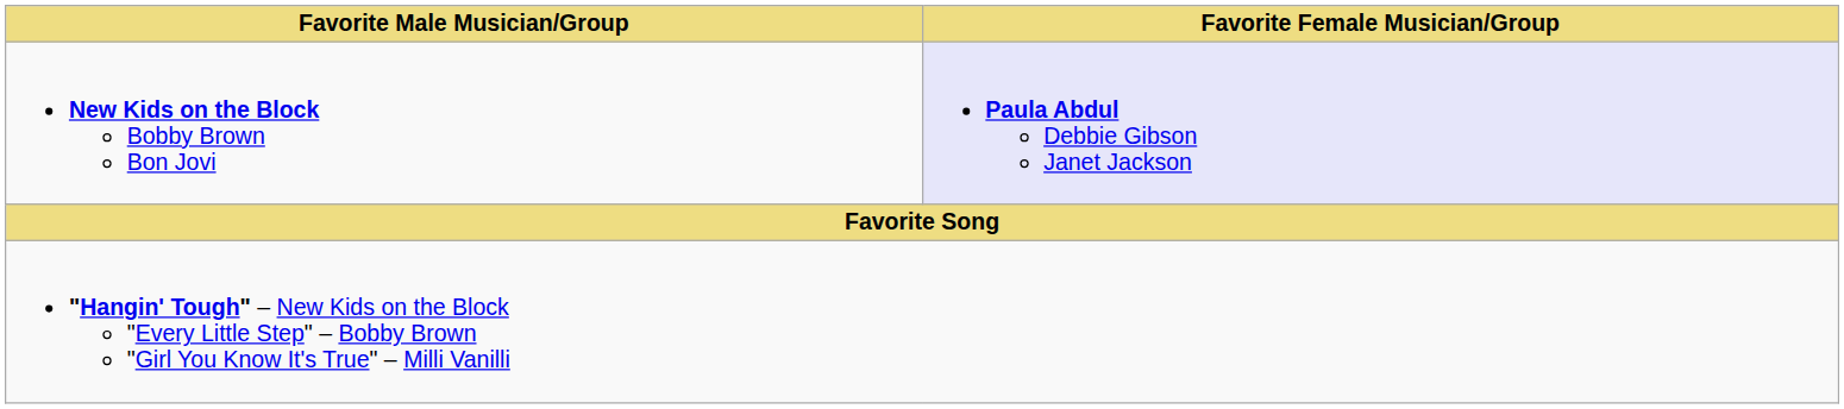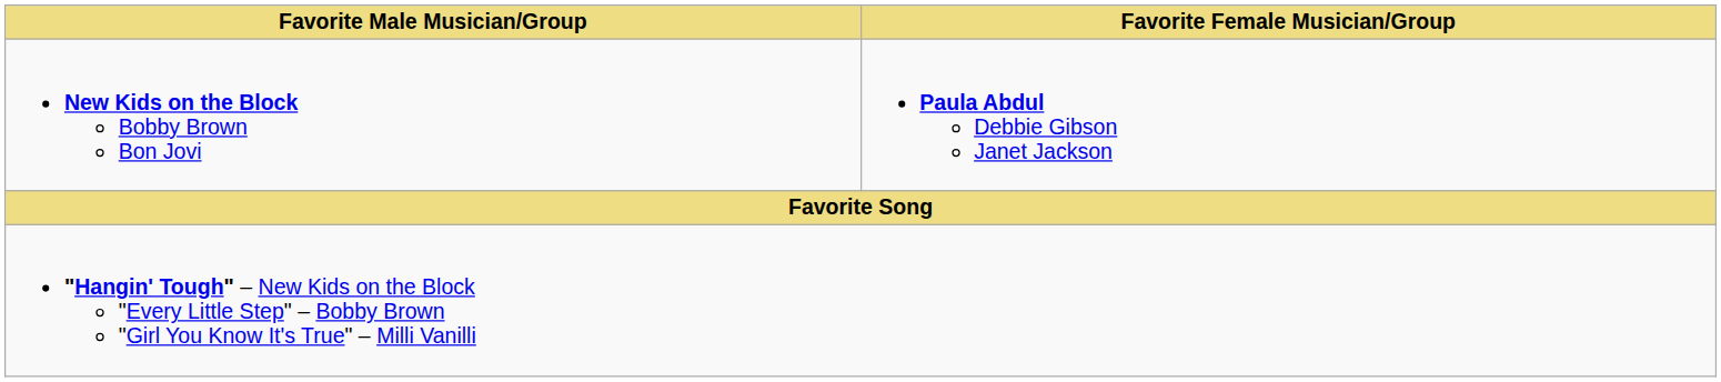 <table class="wikitable" style="width:100%">
 <tr>
 <th style="background:#EEDD82; width:50%">Favorite Male Musician/Group</th>
 <th style="background:#EEDD82; width:50%">Favorite Female Musician/Group</th>
 </tr>
 <tr>
 <td valign="top"><br><ul><li><strong><a href='#'>New Kids on the Block</a></strong><ul><li><a href='#'>Bobby Brown</a></li><li><a href='#'>Bon Jovi</a></li></ul></li></ul></td>
-<td valign="top" style="background: lavender;"><br><ul><li><strong><a href='#'>Paula Abdul</a></strong><ul><li><a href='#'>Debbie Gibson</a></li><li><a href='#'>Janet Jackson</a></li></ul></li></ul></td>
+<td valign="top"><br><ul><li><strong><a href='#'>Paula Abdul</a></strong><ul><li><a href='#'>Debbie Gibson</a></li><li><a href='#'>Janet Jackson</a></li></ul></li></ul></td>
 </tr>
 <tr>
 <th style="background:#EEDD82;" colspan="2">Favorite Song</th>
 </tr>
 <tr>
 <td colspan="2" valign="top"><br><ul><li><strong>"<a href='#'>Hangin' Tough</a>"</strong> – <a href='#'>New Kids on the Block</a><ul><li>"<a href='#'>Every Little Step</a>" – <a href='#'>Bobby Brown</a></li><li>"<a href='#'>Girl You Know It's True</a>" – <a href='#'>Milli Vanilli</a></li></ul></li></ul></td>
 </tr>
 </table>
